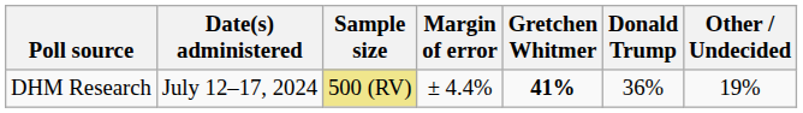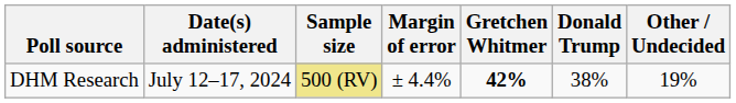 <table class="wikitable sortable mw-datatable" style="font-size:90%;text-align:center;line-height:17px">
 <tr valign=bottom>
 <th>Poll source</th>
 <th>Date(s)<br>administered</th>
 <th>Sample<br>size</th>
 <th>Margin<br>of error</th>
 <th class="unsortable">Gretchen<br>Whitmer<br></th>
 <th class="unsortable">Donald<br>Trump<br></th>
 <th class="unsortable">Other /<br>Undecided</th>
 </tr>
 <tr>
 <td style="text-align:left;">DHM Research</td>
 <td data-sort-value="2024-08-16">July 12–17, 2024</td>
 <td style="background: khaki;">500 (RV)</td>
 <td>± 4.4%</td>
-<td style="color:black;background-color:"><strong>41%</strong></td>
-<td>36%</td>
+<td style="color:black;background-color:"><strong>42%</strong></td>
+<td>38%</td>
 <td>19%</td>
 </tr>
 </table>
